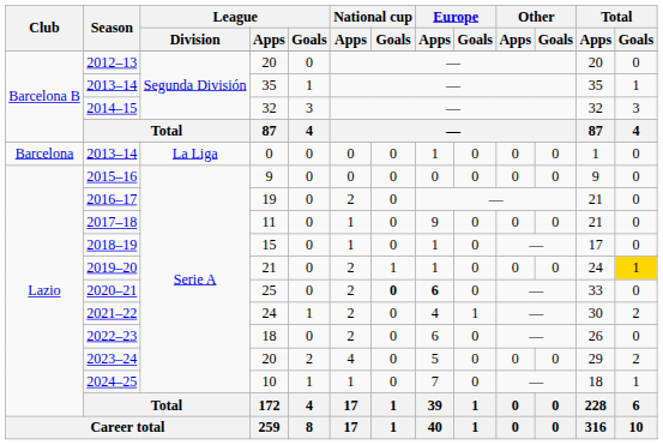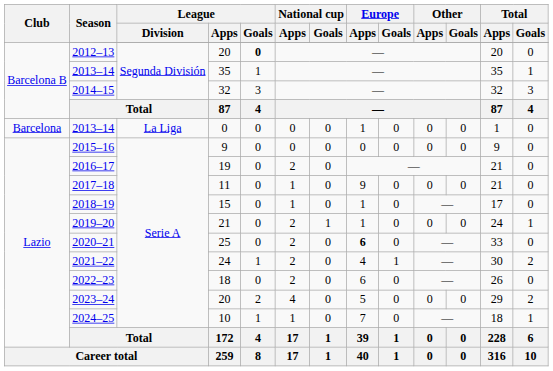 <table class="wikitable" style="text-align: center;">
 <tr>
 <th rowspan="2">Club</th>
 <th rowspan="2">Season</th>
 <th colspan="3">League</th>
 <th colspan="2">National cup</th>
 <th colspan="2"><a href='#'>Europe</a></th>
 <th colspan="2">Other</th>
 <th colspan="2">Total</th>
 </tr>
 <tr>
 <th>Division</th>
 <th>Apps</th>
 <th>Goals</th>
 <th>Apps</th>
 <th>Goals</th>
 <th>Apps</th>
 <th>Goals</th>
 <th>Apps</th>
 <th>Goals</th>
 <th>Apps</th>
 <th>Goals</th>
 </tr>
 <tr>
 <td rowspan="5" align=center valign=center><a href='#'>Barcelona B</a></td>
 </tr>
 <tr>
 <td !colspan="2"><a href='#'>2012–13</a></td>
 <td rowspan="3"><a href='#'>Segunda División</a></td>
 <td>20</td>
-<td>0</td>
+<td><strong>0</strong></td>
 <td colspan="6">—</td>
 <td>20</td>
 <td>0</td>
 </tr>
 <tr>
 <td !colspan="2"><a href='#'>2013–14</a></td>
 <td>35</td>
 <td>1</td>
 <td colspan="6">—</td>
 <td>35</td>
 <td>1</td>
 </tr>
 <tr>
 <td !colspan="2"><a href='#'>2014–15</a></td>
 <td>32</td>
 <td>3</td>
 <td colspan="6">—</td>
 <td>32</td>
 <td>3</td>
 </tr>
 <tr>
 <th colspan="2">Total</th>
 <th>87</th>
 <th>4</th>
 <th colspan="6">—</th>
 <th>87</th>
 <th>4</th>
 </tr>
 <tr>
 <td style="text-align:center;"><a href='#'>Barcelona</a></td>
 <td><a href='#'>2013–14</a></td>
 <td><a href='#'>La Liga</a></td>
 <td>0</td>
 <td>0</td>
 <td>0</td>
 <td>0</td>
 <td>1</td>
 <td>0</td>
 <td>0</td>
 <td>0</td>
 <td>1</td>
 <td>0</td>
 </tr>
 <tr>
 <td rowspan="11" style=text-align:center><a href='#'>Lazio</a></td>
 <td !colspan="2"><a href='#'>2015–16</a></td>
 <td rowspan="10"><a href='#'>Serie A</a></td>
 <td>9</td>
 <td>0</td>
 <td>0</td>
 <td>0</td>
 <td>0</td>
 <td>0</td>
 <td>0</td>
 <td>0</td>
 <td>9</td>
 <td>0</td>
 </tr>
 <tr>
 <td !colspan="2"><a href='#'>2016–17</a></td>
 <td>19</td>
 <td>0</td>
 <td>2</td>
 <td>0</td>
 <td colspan="4">—</td>
 <td>21</td>
 <td>0</td>
 </tr>
 <tr>
 <td !colspan="2"><a href='#'>2017–18</a></td>
 <td>11</td>
 <td>0</td>
 <td>1</td>
 <td>0</td>
 <td>9</td>
 <td>0</td>
 <td>0</td>
 <td>0</td>
 <td>21</td>
 <td>0</td>
 </tr>
 <tr>
 <td !colspan="2"><a href='#'>2018–19</a></td>
 <td>15</td>
 <td>0</td>
 <td>1</td>
 <td>0</td>
 <td>1</td>
 <td>0</td>
 <td colspan="2">—</td>
 <td>17</td>
 <td>0</td>
 </tr>
 <tr>
 <td !colspan="2"><a href='#'>2019–20</a></td>
 <td>21</td>
 <td>0</td>
 <td>2</td>
 <td>1</td>
 <td>1</td>
 <td>0</td>
 <td>0</td>
 <td>0</td>
 <td>24</td>
-<td style="background: gold;">1</td>
+<td>1</td>
 </tr>
 <tr>
 <td !colspan="2"><a href='#'>2020–21</a></td>
 <td>25</td>
 <td>0</td>
 <td>2</td>
-<td><strong>0</strong></td>
+<td>0</td>
 <td><strong>6</strong></td>
 <td>0</td>
 <td colspan="2">—</td>
 <td>33</td>
 <td>0</td>
 </tr>
 <tr>
 <td !colspan="2"><a href='#'>2021–22</a></td>
 <td>24</td>
 <td>1</td>
 <td>2</td>
 <td>0</td>
 <td>4</td>
 <td>1</td>
 <td colspan="2">—</td>
 <td>30</td>
 <td>2</td>
 </tr>
 <tr>
 <td !colspan="2"><a href='#'>2022–23</a></td>
 <td>18</td>
 <td>0</td>
 <td>2</td>
 <td>0</td>
 <td>6</td>
 <td>0</td>
 <td colspan="2">—</td>
 <td>26</td>
 <td>0</td>
 </tr>
 <tr>
 <td !colspan="2"><a href='#'>2023–24</a></td>
 <td>20</td>
 <td>2</td>
 <td>4</td>
 <td>0</td>
 <td>5</td>
 <td>0</td>
 <td>0</td>
 <td>0</td>
 <td>29</td>
 <td>2</td>
 </tr>
 <tr>
 <td !colspan="2"><a href='#'>2024–25</a></td>
 <td>10</td>
 <td>1</td>
 <td>1</td>
 <td>0</td>
 <td>7</td>
 <td>0</td>
 <td colspan="2">—</td>
 <td>18</td>
 <td>1</td>
 </tr>
 <tr>
 <th colspan="2">Total</th>
 <th>172</th>
 <th>4</th>
 <th>17</th>
 <th>1</th>
 <th>39</th>
 <th>1</th>
 <th>0</th>
 <th>0</th>
 <th>228</th>
 <th>6</th>
 </tr>
 <tr>
 <th colspan="3">Career total</th>
 <th>259</th>
 <th>8</th>
 <th>17</th>
 <th>1</th>
 <th>40</th>
 <th>1</th>
 <th>0</th>
 <th>0</th>
 <th>316</th>
 <th>10</th>
 </tr>
 </table>
